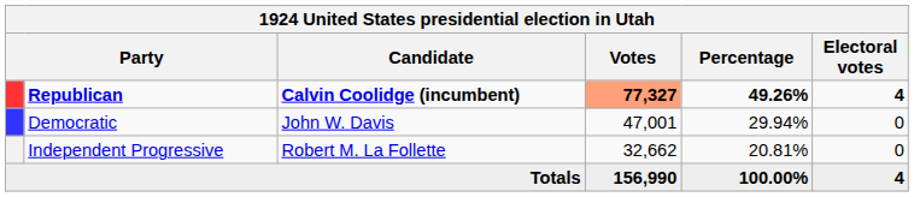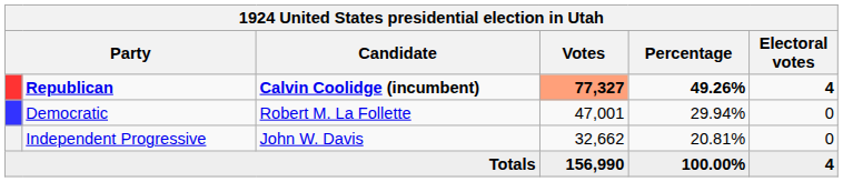 <table class="wikitable" style="font-size: 95%;">
 <tr>
 <th colspan="6">1924 United States presidential election in Utah</th>
 </tr>
 <tr>
 <th colspan="2" style="width: 15em">Party</th>
 <th style="width: 17em">Candidate</th>
 <th style="width: 5em">Votes</th>
 <th style="width: 7em">Percentage</th>
 <th style="width: 5em">Electoral votes</th>
 </tr>
 <tr>
 <th style="background-color:#FF3333; width: 3px"></th>
 <td style="width: 130px"><strong><a href='#'>Republican</a></strong></td>
 <td><strong><a href='#'>Calvin Coolidge</a> (incumbent)</strong></td>
 <td align="right" style="background: lightsalmon;"><strong>77,327</strong></td>
 <td align="right"><strong>49.26%</strong></td>
 <td align="right"><strong>4</strong></td>
 </tr>
 <tr>
 <th style="background-color:#3333FF; width: 3px"></th>
 <td style="width: 130px"><a href='#'>Democratic</a></td>
-<td><a href='#'>John W. Davis</a></td>
+<td><a href='#'>Robert M. La Follette</a></td>
 <td align="right">47,001</td>
 <td align="right">29.94%</td>
 <td align="right">0</td>
 </tr>
 <tr>
 <th style="background-color:"></th>
 <td style="width: 130px"><a href='#'>Independent Progressive</a></td>
-<td><a href='#'>Robert M. La Follette</a></td>
+<td><a href='#'>John W. Davis</a></td>
 <td align="right">32,662</td>
 <td align="right">20.81%</td>
 <td align="right">0</td>
 </tr>
 <tr bgcolor="#EEEEEE">
 <td colspan="3" align="right"><strong>Totals</strong></td>
 <td align="right"><strong>156,990</strong></td>
 <td align="right"><strong>100.00%</strong></td>
 <td align="right"><strong>4</strong></td>
 </tr>
 </table>
